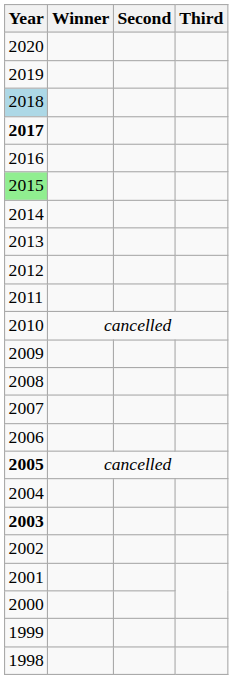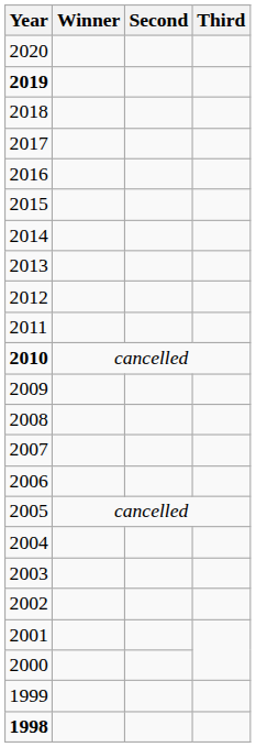 <table class="wikitable">
 <tr>
 <th>Year</th>
 <th>Winner</th>
 <th>Second</th>
 <th>Third</th>
 </tr>
 <tr>
 <td>2020</td>
 <td></td>
 <td></td>
 <td></td>
 </tr>
 <tr>
-<td>2019</td>
+<td><strong>2019</strong></td>
 <td></td>
 <td></td>
 <td></td>
 </tr>
 <tr>
-<td style="background: lightblue;">2018</td>
+<td>2018</td>
 <td></td>
 <td></td>
 <td></td>
 </tr>
 <tr>
-<td><strong>2017</strong></td>
+<td>2017</td>
 <td></td>
 <td></td>
 <td></td>
 </tr>
 <tr>
 <td>2016</td>
 <td></td>
 <td></td>
 <td></td>
 </tr>
 <tr>
-<td style="background: lightgreen;">2015</td>
+<td>2015</td>
 <td></td>
 <td></td>
 <td></td>
 </tr>
 <tr>
 <td>2014</td>
 <td></td>
 <td></td>
 <td></td>
 </tr>
 <tr>
 <td>2013</td>
 <td></td>
 <td></td>
 <td></td>
 </tr>
 <tr>
 <td>2012</td>
 <td></td>
 <td></td>
 <td></td>
 </tr>
 <tr>
 <td>2011</td>
 <td></td>
 <td></td>
 <td></td>
 </tr>
 <tr>
-<td>2010</td>
+<td><strong>2010</strong></td>
 <td colspan=3 align=center><em>cancelled</em></td>
 </tr>
 <tr>
 <td>2009</td>
 <td></td>
 <td></td>
 <td></td>
 </tr>
 <tr>
 <td>2008</td>
 <td></td>
 <td></td>
 <td></td>
 </tr>
 <tr>
 <td>2007</td>
 <td></td>
 <td></td>
 <td></td>
 </tr>
 <tr>
 <td>2006</td>
 <td></td>
 <td></td>
 <td></td>
 </tr>
 <tr>
-<td><strong>2005</strong></td>
+<td>2005</td>
 <td colspan=3 align=center><em>cancelled</em></td>
 </tr>
 <tr>
 <td>2004</td>
 <td></td>
 <td></td>
 <td></td>
 </tr>
 <tr>
-<td><strong>2003</strong></td>
+<td>2003</td>
 <td></td>
 <td></td>
 <td></td>
 </tr>
 <tr>
 <td>2002</td>
 <td></td>
 <td></td>
 <td></td>
 </tr>
 <tr>
 <td>2001</td>
 <td></td>
 <td></td>
 </tr>
 <tr>
 <td>2000</td>
 <td></td>
 <td></td>
 </tr>
 <tr>
 <td>1999</td>
 <td></td>
 <td></td>
 <td></td>
 </tr>
 <tr>
-<td>1998</td>
+<td><strong>1998</strong></td>
 <td></td>
 <td></td>
 <td></td>
 </tr>
 </table>
